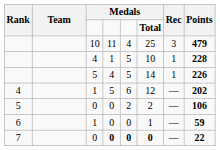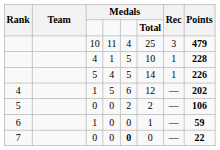 <table class="wikitable">
 <tr>
 <th rowspan=2>Rank</th>
 <th style="width:80px;" rowspan="2">Team</th>
 <th colspan=4>Medals</th>
 <th rowspan=2>Rec</th>
 <th rowspan=2>Points</th>
 </tr>
 <tr>
 <td style="width:20px; text-align:center;"></td>
 <td style="width:20px; text-align:center;"></td>
 <td style="width:20px; text-align:center;"></td>
 <td><strong>Total</strong></td>
 </tr>
 <tr>
 <td align=center></td>
 <td></td>
 <td align=center>10</td>
 <td align=center>11</td>
 <td align=center>4</td>
 <td align=center>25</td>
 <td align=center>3</td>
 <td align=center><strong>479</strong></td>
 </tr>
 <tr>
 <td align=center></td>
 <td></td>
 <td align=center>4</td>
 <td align=center>1</td>
 <td align=center>5</td>
 <td align=center>10</td>
 <td align=center>1</td>
 <td align=center><strong>228</strong></td>
 </tr>
 <tr>
 <td align=center></td>
 <td></td>
 <td align=center>5</td>
 <td align=center>4</td>
 <td align=center>5</td>
 <td align=center>14</td>
 <td align=center>1</td>
 <td align=center><strong>226</strong></td>
 </tr>
 <tr>
 <td align=center>4</td>
 <td></td>
 <td align=center>1</td>
 <td align=center>5</td>
 <td align=center>6</td>
 <td align=center>12</td>
 <td align=center>—</td>
 <td align=center><strong>202</strong></td>
 </tr>
 <tr>
 <td align=center>5</td>
 <td></td>
 <td align=center>0</td>
 <td align=center>0</td>
 <td align=center>2</td>
 <td align=center>2</td>
 <td align=center>—</td>
 <td align=center><strong>106</strong></td>
 </tr>
 <tr>
 <td align=center>6</td>
 <td></td>
 <td align=center>1</td>
 <td align=center>0</td>
 <td align=center>0</td>
 <td align=center>1</td>
 <td align=center>—</td>
 <td align=center><strong>59</strong></td>
 </tr>
 <tr>
 <td align=center>7</td>
 <td></td>
 <td align=center>0</td>
+<td align=center>0</td>
 <td align=center><strong>0</strong></td>
-<td align=center><strong>0</strong></td>
-<td align=center><strong>0</strong></td>
+<td align=center>0</td>
 <td align=center>—</td>
 <td align=center><strong>22</strong></td>
 </tr>
 </table>
